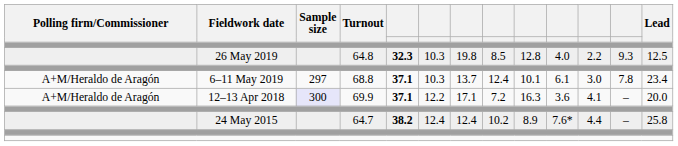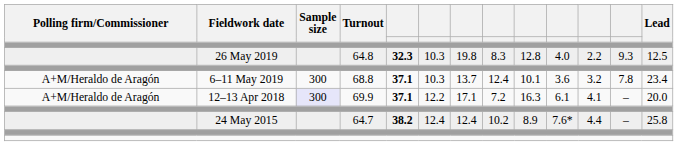 <table class="wikitable collapsible collapsed" style="text-align:center; font-size:95%; line-height:16px;">
 <tr style="height:42px;">
 <th style="width:250px;" rowspan="2">Polling firm/Commissioner</th>
 <th style="width:125px;" rowspan="2">Fieldwork date</th>
 <th style="width:50px;" rowspan="2">Sample size</th>
 <th style="width:45px;" rowspan="2">Turnout</th>
 <th style="width:35px;"></th>
 <th style="width:35px;"></th>
 <th style="width:35px;"></th>
 <th style="width:35px;"></th>
 <th style="width:35px;"></th>
 <th style="width:35px;"></th>
 <th style="width:35px;"></th>
 <th style="width:35px;"></th>
 <th style="width:30px;" rowspan="2">Lead</th>
 </tr>
 <tr>
 <th style="color:inherit;background:"></th>
 <th style="color:inherit;background:"></th>
 <th style="color:inherit;background:"></th>
 <th style="color:inherit;background:"></th>
 <th style="color:inherit;background:"></th>
 <th style="color:inherit;background:"></th>
 <th style="color:inherit;background:"></th>
 <th style="color:inherit;background:"></th>
 </tr>
 <tr>
 <td colspan="13" style="background:#A0A0A0"></td>
 </tr>
 <tr style="background:#EFEFEF;">
 <td><strong></strong></td>
 <td>26 May 2019</td>
 <td></td>
 <td>64.8</td>
 <td><strong>32.3</strong><br></td>
 <td>10.3<br></td>
 <td>19.8<br></td>
-<td>8.5<br></td>
+<td>8.3<br></td>
 <td>12.8<br></td>
 <td>4.0<br></td>
 <td>2.2<br></td>
 <td>9.3<br></td>
 <td style="background:">12.5</td>
 </tr>
 <tr>
 <td colspan="13" style="background:#A0A0A0"></td>
 </tr>
 <tr>
 <td>A+M/Heraldo de Aragón</td>
 <td>6–11 May 2019</td>
-<td>297</td>
+<td>300</td>
 <td>68.8</td>
 <td><strong>37.1</strong><br></td>
 <td>10.3<br></td>
 <td>13.7<br></td>
 <td>12.4<br></td>
 <td>10.1<br></td>
-<td>6.1<br></td>
-<td>3.0<br></td>
+<td>3.6<br></td>
+<td>3.2<br></td>
 <td>7.8<br></td>
 <td style="background:">23.4</td>
 </tr>
 <tr>
 <td>A+M/Heraldo de Aragón</td>
 <td>12–13 Apr 2018</td>
 <td style="background: lavender;">300</td>
 <td>69.9</td>
 <td><strong>37.1</strong><br></td>
 <td>12.2<br></td>
 <td>17.1<br></td>
 <td>7.2<br></td>
 <td>16.3<br></td>
-<td>3.6<br></td>
+<td>6.1<br></td>
 <td>4.1<br></td>
 <td>–</td>
 <td style="background:">20.0</td>
 </tr>
 <tr>
 <td colspan="13" style="background:#A0A0A0"></td>
 </tr>
 <tr style="background:#EFEFEF;">
 <td><strong></strong></td>
 <td>24 May 2015</td>
 <td></td>
 <td>64.7</td>
 <td><strong>38.2</strong><br></td>
 <td>12.4<br></td>
 <td>12.4<br></td>
 <td>10.2<br></td>
 <td>8.9<br></td>
 <td>7.6*<br></td>
 <td>4.4<br></td>
 <td>–</td>
 <td style="background:">25.8</td>
 </tr>
 <tr>
 <td colspan="13" style="background:#A0A0A0"></td>
 </tr>
 <tr>
 <td align="left" colspan="13"></td>
 </tr>
 </table>
